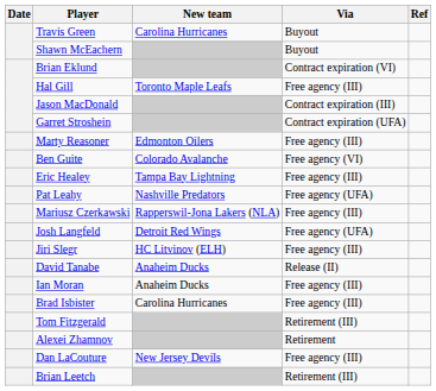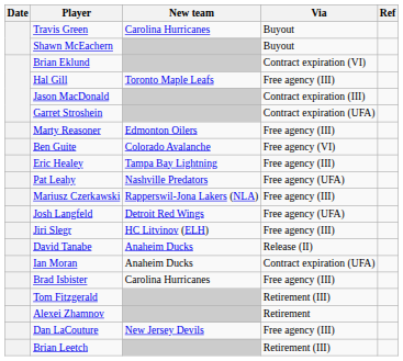 <table class="wikitable plainrowheaders">
 <tr style="background:#ddd; text-align:center;">
 <th>Date</th>
 <th>Player</th>
 <th>New team</th>
 <th>Via</th>
 <th>Ref</th>
 </tr>
 <tr>
 <th scope="row" rowspan=2></th>
 <td><a href='#'>Travis Green</a></td>
 <td><a href='#'>Carolina Hurricanes</a></td>
 <td>Buyout</td>
 <td></td>
 </tr>
 <tr>
 <td><a href='#'>Shawn McEachern</a></td>
 <td style="background:#ccc"></td>
 <td>Buyout</td>
 <td></td>
 </tr>
 <tr>
 <th scope="row" rowspan=4></th>
 <td><a href='#'>Brian Eklund</a></td>
 <td style="background:#ccc"></td>
 <td>Contract expiration (VI)</td>
 <td></td>
 </tr>
 <tr>
 <td><a href='#'>Hal Gill</a></td>
 <td><a href='#'>Toronto Maple Leafs</a></td>
 <td>Free agency (III)</td>
 <td></td>
 </tr>
 <tr>
 <td><a href='#'>Jason MacDonald</a></td>
 <td style="background:#ccc"></td>
 <td>Contract expiration (III)</td>
 <td></td>
 </tr>
 <tr>
 <td><a href='#'>Garret Stroshein</a></td>
 <td style="background:#ccc"></td>
 <td>Contract expiration (UFA)</td>
 <td></td>
 </tr>
 <tr>
 <th scope="row"></th>
 <td><a href='#'>Marty Reasoner</a></td>
 <td><a href='#'>Edmonton Oilers</a></td>
 <td>Free agency (III)</td>
 <td></td>
 </tr>
 <tr>
 <th scope="row"></th>
 <td><a href='#'>Ben Guite</a></td>
 <td><a href='#'>Colorado Avalanche</a></td>
 <td>Free agency (VI)</td>
 <td></td>
 </tr>
 <tr>
 <th scope="row"></th>
 <td><a href='#'>Eric Healey</a></td>
 <td><a href='#'>Tampa Bay Lightning</a></td>
 <td>Free agency (III)</td>
 <td></td>
 </tr>
 <tr>
 <th scope="row"></th>
 <td><a href='#'>Pat Leahy</a></td>
 <td><a href='#'>Nashville Predators</a></td>
 <td>Free agency (UFA)</td>
 <td></td>
 </tr>
 <tr>
 <th scope="row"></th>
 <td><a href='#'>Mariusz Czerkawski</a></td>
 <td><a href='#'>Rapperswil-Jona Lakers</a> (<a href='#'>NLA</a>)</td>
 <td>Free agency (III)</td>
 <td></td>
 </tr>
 <tr>
 <th scope="row"></th>
 <td><a href='#'>Josh Langfeld</a></td>
 <td><a href='#'>Detroit Red Wings</a></td>
 <td>Free agency (UFA)</td>
 <td></td>
 </tr>
 <tr>
 <th scope="row"></th>
 <td><a href='#'>Jiri Slegr</a></td>
 <td><a href='#'>HC Litvinov</a> (<a href='#'>ELH</a>)</td>
 <td>Free agency (III)</td>
 <td></td>
 </tr>
 <tr>
 <th scope="row"></th>
 <td><a href='#'>David Tanabe</a></td>
 <td><a href='#'>Anaheim Ducks</a></td>
 <td>Release (II)</td>
 <td></td>
 </tr>
 <tr>
 <th scope="row"></th>
 <td><a href='#'>Ian Moran</a></td>
 <td>Anaheim Ducks</td>
-<td>Free agency (III)</td>
+<td>Contract expiration (UFA)</td>
 <td></td>
 </tr>
 <tr>
 <th scope="row"></th>
 <td><a href='#'>Brad Isbister</a></td>
 <td>Carolina Hurricanes</td>
 <td>Free agency (III)</td>
 <td></td>
 </tr>
 <tr>
 <th scope="row"></th>
 <td><a href='#'>Tom Fitzgerald</a></td>
 <td style="background:#ccc"></td>
 <td>Retirement (III)</td>
 <td></td>
 </tr>
 <tr>
 <th scope="row"></th>
 <td><a href='#'>Alexei Zhamnov</a></td>
 <td style="background:#ccc"></td>
 <td>Retirement</td>
 <td></td>
 </tr>
 <tr>
 <th scope="row"></th>
 <td><a href='#'>Dan LaCouture</a></td>
 <td><a href='#'>New Jersey Devils</a></td>
 <td>Free agency (III)</td>
 <td></td>
 </tr>
 <tr>
 <th scope="row"></th>
 <td><a href='#'>Brian Leetch</a></td>
 <td style="background:#ccc"></td>
 <td>Retirement (III)</td>
 <td></td>
 </tr>
 </table>
